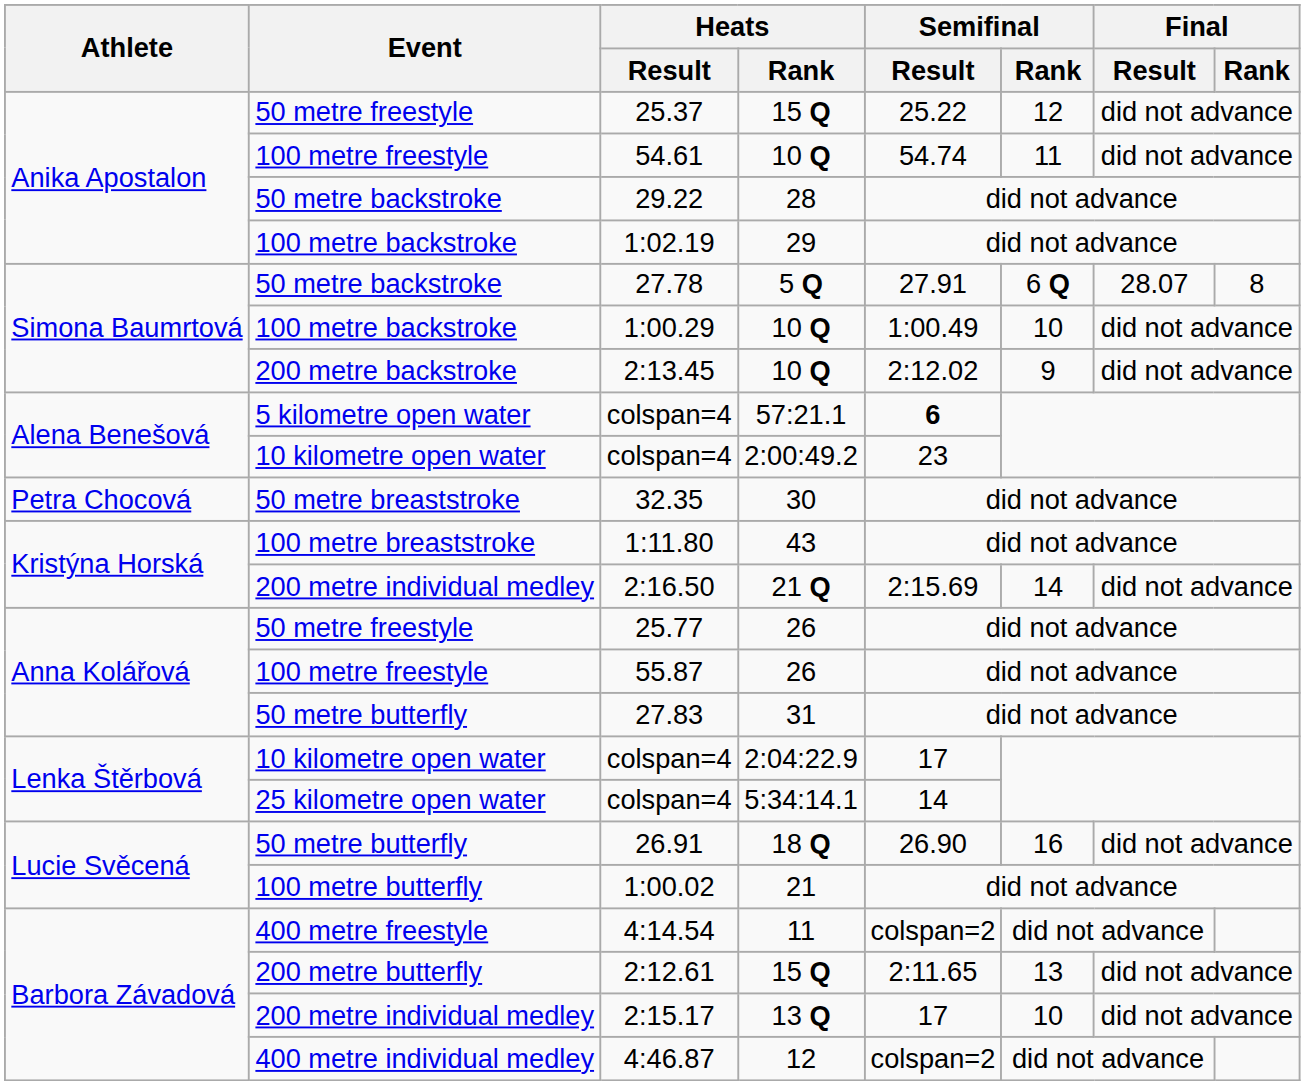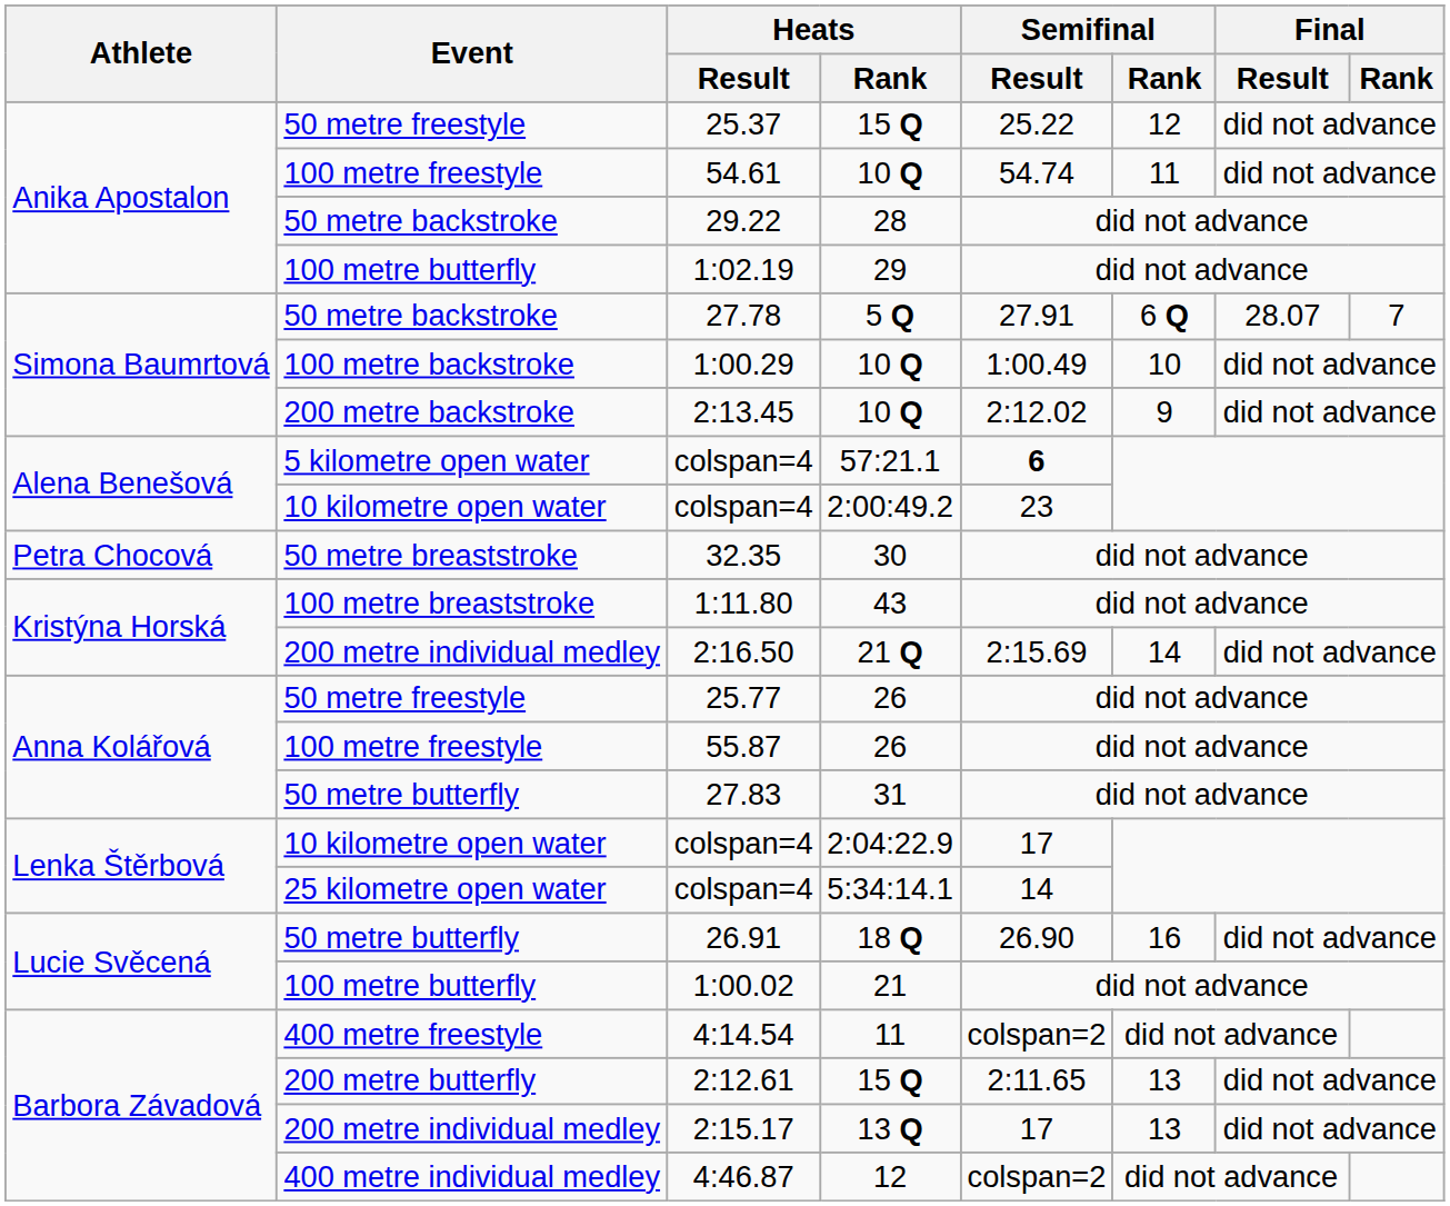 <table class="wikitable" border="1" style="font-size:90%; text-align:center">
 <tr>
 <th rowspan="2">Athlete</th>
 <th rowspan="2">Event</th>
 <th colspan="2">Heats</th>
 <th colspan="2">Semifinal</th>
 <th colspan="2">Final</th>
 </tr>
 <tr>
 <th>Result</th>
 <th>Rank</th>
 <th>Result</th>
 <th>Rank</th>
 <th>Result</th>
 <th>Rank</th>
 </tr>
 <tr>
 <td rowspan="4" align="left"><a href='#'>Anika Apostalon</a></td>
 <td align="left"><a href='#'>50 metre freestyle</a></td>
 <td>25.37</td>
 <td>15 <strong>Q</strong></td>
 <td>25.22</td>
 <td>12</td>
 <td colspan=2>did not advance</td>
 </tr>
 <tr>
 <td align="left"><a href='#'>100 metre freestyle</a></td>
 <td>54.61</td>
 <td>10 <strong>Q</strong></td>
 <td>54.74</td>
 <td>11</td>
 <td colspan=2>did not advance</td>
 </tr>
 <tr>
 <td align="left"><a href='#'>50 metre backstroke</a></td>
 <td>29.22</td>
 <td>28</td>
 <td colspan=4>did not advance</td>
 </tr>
 <tr>
-<td align="left"><a href='#'>100 metre backstroke</a></td>
+<td align="left"><a href='#'>100 metre butterfly</a></td>
 <td>1:02.19</td>
 <td>29</td>
 <td colspan=4>did not advance</td>
 </tr>
 <tr>
 <td rowspan="3" align="left"><a href='#'>Simona Baumrtová</a></td>
 <td align="left"><a href='#'>50 metre backstroke</a></td>
 <td>27.78</td>
 <td>5 <strong>Q</strong></td>
 <td>27.91</td>
 <td>6 <strong>Q</strong></td>
 <td>28.07</td>
-<td>8</td>
+<td>7</td>
 </tr>
 <tr>
 <td align="left"><a href='#'>100 metre backstroke</a></td>
 <td>1:00.29</td>
 <td>10 <strong>Q</strong></td>
 <td>1:00.49</td>
 <td>10</td>
 <td colspan=2>did not advance</td>
 </tr>
 <tr>
 <td align="left"><a href='#'>200 metre backstroke</a></td>
 <td>2:13.45</td>
 <td>10 <strong>Q</strong></td>
 <td>2:12.02</td>
 <td>9</td>
 <td colspan=2>did not advance</td>
 </tr>
 <tr>
 <td rowspan="2" align="left"><a href='#'>Alena Benešová</a></td>
 <td align="left"><a href='#'>5 kilometre open water</a></td>
 <td>colspan=4</td>
 <td>57:21.1</td>
 <td><strong>6</strong></td>
 </tr>
 <tr>
 <td align="left"><a href='#'>10 kilometre open water</a></td>
 <td>colspan=4</td>
 <td>2:00:49.2</td>
 <td>23</td>
 </tr>
 <tr>
 <td align="left"><a href='#'>Petra Chocová</a></td>
 <td align="left"><a href='#'>50 metre breaststroke</a></td>
 <td>32.35</td>
 <td>30</td>
 <td colspan=4>did not advance</td>
 </tr>
 <tr>
 <td rowspan="2" align="left"><a href='#'>Kristýna Horská</a></td>
 <td align="left"><a href='#'>100 metre breaststroke</a></td>
 <td>1:11.80</td>
 <td>43</td>
 <td colspan=4>did not advance</td>
 </tr>
 <tr>
 <td align="left"><a href='#'>200 metre individual medley</a></td>
 <td>2:16.50</td>
 <td>21 <strong>Q</strong></td>
 <td>2:15.69</td>
 <td>14</td>
 <td colspan=2>did not advance</td>
 </tr>
 <tr>
 <td rowspan="3" align="left"><a href='#'>Anna Kolářová</a></td>
 <td align="left"><a href='#'>50 metre freestyle</a></td>
 <td>25.77</td>
 <td>26</td>
 <td colspan=4>did not advance</td>
 </tr>
 <tr>
 <td align="left"><a href='#'>100 metre freestyle</a></td>
 <td>55.87</td>
 <td>26</td>
 <td colspan=4>did not advance</td>
 </tr>
 <tr>
 <td align="left"><a href='#'>50 metre butterfly</a></td>
 <td>27.83</td>
 <td>31</td>
 <td colspan=4>did not advance</td>
 </tr>
 <tr>
 <td rowspan="2" align="left"><a href='#'>Lenka Štěrbová</a></td>
 <td align="left"><a href='#'>10 kilometre open water</a></td>
 <td>colspan=4</td>
 <td>2:04:22.9</td>
 <td>17</td>
 </tr>
 <tr>
 <td align="left"><a href='#'>25 kilometre open water</a></td>
 <td>colspan=4</td>
 <td>5:34:14.1</td>
 <td>14</td>
 </tr>
 <tr>
 <td rowspan="2" align="left"><a href='#'>Lucie Svěcená</a></td>
 <td align="left"><a href='#'>50 metre butterfly</a></td>
 <td>26.91</td>
 <td>18 <strong>Q</strong></td>
 <td>26.90</td>
 <td>16</td>
 <td colspan=2>did not advance</td>
 </tr>
 <tr>
 <td align="left"><a href='#'>100 metre butterfly</a></td>
 <td>1:00.02</td>
 <td>21</td>
 <td colspan=4>did not advance</td>
 </tr>
 <tr>
 <td rowspan="4" align="left"><a href='#'>Barbora Závadová</a></td>
 <td align="left"><a href='#'>400 metre freestyle</a></td>
 <td>4:14.54</td>
 <td>11</td>
 <td>colspan=2</td>
 <td colspan=2>did not advance</td>
 </tr>
 <tr>
 <td align="left"><a href='#'>200 metre butterfly</a></td>
 <td>2:12.61</td>
 <td>15 <strong>Q</strong></td>
 <td>2:11.65</td>
 <td>13</td>
 <td colspan=2>did not advance</td>
 </tr>
 <tr>
 <td align="left"><a href='#'>200 metre individual medley</a></td>
 <td>2:15.17</td>
 <td>13 <strong>Q</strong></td>
 <td>17</td>
-<td>10</td>
+<td>13</td>
 <td colspan=2>did not advance</td>
 </tr>
 <tr>
 <td align="left"><a href='#'>400 metre individual medley</a></td>
 <td>4:46.87</td>
 <td>12</td>
 <td>colspan=2</td>
 <td colspan=2>did not advance</td>
 </tr>
 </table>
